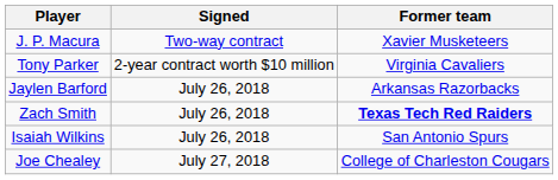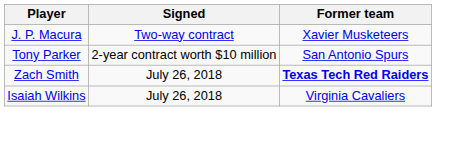 <table class="wikitable sortable sortable" style="text-align: center">
 <tr>
 <th>Player</th>
 <th>Signed</th>
 <th>Former team</th>
 </tr>
 <tr style="text-align: center">
 <td><a href='#'>J. P. Macura</a></td>
 <td><a href='#'>Two-way contract</a></td>
 <td><a href='#'>Xavier Musketeers</a></td>
 </tr>
 <tr style="text-align: center">
 <td><a href='#'>Tony Parker</a></td>
 <td>2-year contract worth $10 million</td>
-<td><a href='#'>Virginia Cavaliers</a></td>
-</tr>
-<tr style="text-align: center">
-<td><a href='#'>Jaylen Barford</a></td>
-<td>July 26, 2018</td>
-<td><a href='#'>Arkansas Razorbacks</a></td>
+<td><a href='#'>San Antonio Spurs</a></td>
 </tr>
 <tr style="text-align: center">
 <td><a href='#'>Zach Smith</a></td>
 <td>July 26, 2018</td>
 <td><strong><a href='#'>Texas Tech Red Raiders</a></strong></td>
 </tr>
 <tr style="text-align: center">
 <td><a href='#'>Isaiah Wilkins</a></td>
 <td>July 26, 2018</td>
-<td><a href='#'>San Antonio Spurs</a></td>
-</tr>
-<tr style="text-align: center">
-<td><a href='#'>Joe Chealey</a></td>
-<td>July 27, 2018</td>
-<td><a href='#'>College of Charleston Cougars</a></td>
+<td><a href='#'>Virginia Cavaliers</a></td>
 </tr>
 </table>
